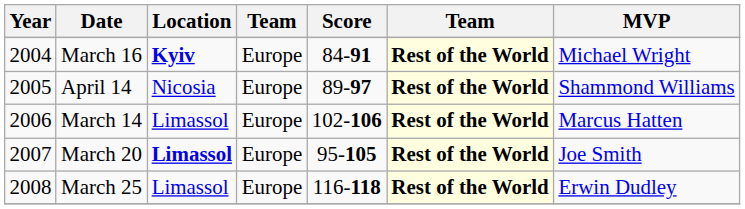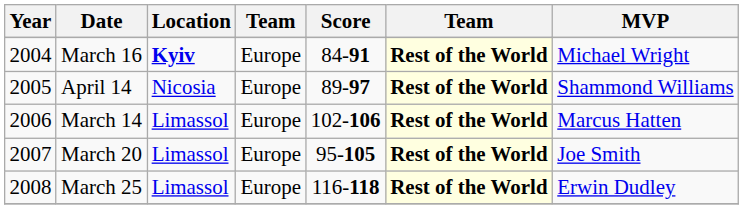 <table class="wikitable sortable">
 <tr bgcolor=>
 <th>Year</th>
 <th>Date</th>
 <th>Location</th>
 <th>Team</th>
 <th>Score</th>
 <th>Team</th>
 <th>MVP</th>
 </tr>
 <tr>
 </tr>
 <tr>
 <td>2004</td>
 <td>March 16</td>
 <td><strong><a href='#'>Kyiv</a></strong></td>
 <td align="center">Europe</td>
 <td align="center">84-<strong>91</strong></td>
 <td bgcolor=lightyellow align="center"><strong>Rest of the World</strong></td>
 <td>  <a href='#'>Michael Wright</a></td>
 </tr>
 <tr>
 <td>2005</td>
 <td>April 14</td>
 <td><a href='#'>Nicosia</a></td>
 <td align="center">Europe</td>
 <td align="center">89-<strong>97</strong></td>
 <td bgcolor=lightyellow align="center"><strong>Rest of the World</strong></td>
 <td>  <a href='#'>Shammond Williams</a></td>
 </tr>
 <tr>
 <td>2006</td>
 <td>March 14</td>
 <td><a href='#'>Limassol</a></td>
 <td align="center">Europe</td>
 <td align="center">102-<strong>106</strong></td>
 <td bgcolor=lightyellow align="center"><strong>Rest of the World</strong></td>
 <td> <a href='#'>Marcus Hatten</a></td>
 </tr>
 <tr>
 <td>2007</td>
 <td>March 20</td>
-<td><strong><a href='#'>Limassol</a></strong></td>
+<td><a href='#'>Limassol</a></td>
 <td align="center">Europe</td>
 <td align="center">95-<strong>105</strong></td>
 <td bgcolor=lightyellow align="center"><strong>Rest of the World</strong></td>
 <td> <a href='#'>Joe Smith</a></td>
 </tr>
 <tr>
 <td>2008</td>
 <td>March 25</td>
 <td><a href='#'>Limassol</a></td>
 <td align="center">Europe</td>
 <td align="center">116-<strong>118</strong></td>
 <td bgcolor=lightyellow align="center"><strong>Rest of the World</strong></td>
 <td> <a href='#'>Erwin Dudley</a></td>
 </tr>
 <tr>
 </tr>
 </table>
